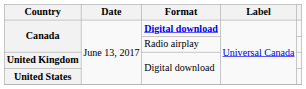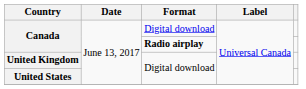 <table class="wikitable plainrowheaders">
 <tr>
 <th>Country</th>
 <th>Date</th>
 <th>Format</th>
 <th>Label</th>
 <th></th>
 </tr>
 <tr>
 <th scope="row" rowspan="2">Canada</th>
 <td rowspan="4">June 13, 2017</td>
-<td><strong><a href='#'>Digital download</a></strong></td>
+<td><a href='#'>Digital download</a></td>
 <td rowspan="4"><a href='#'>Universal Canada</a></td>
 <td></td>
 </tr>
 <tr>
-<td>Radio airplay</td>
+<td><strong>Radio airplay</strong></td>
 <td></td>
 </tr>
 <tr>
 <th scope="row">United Kingdom</th>
 <td rowspan="2">Digital download</td>
 <td></td>
 </tr>
 <tr>
 <th scope="row">United States</th>
 <td></td>
 </tr>
 <tr>
 </tr>
 </table>
